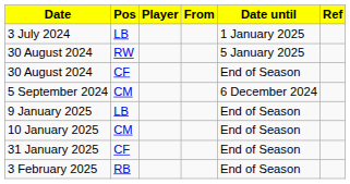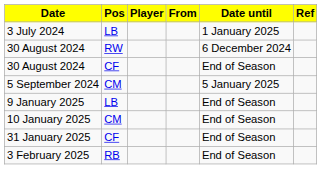 <table class="wikitable plainrowheaders sortable">
 <tr>
 <th style="background:yellow;">Date</th>
 <th style="background:yellow;">Pos</th>
 <th style="background:yellow;">Player</th>
 <th style="background:yellow;">From</th>
 <th style="background:yellow;">Date until</th>
 <th style="background:yellow;">Ref</th>
 </tr>
 <tr>
 <td>3 July 2024</td>
 <td><a href='#'>LB</a></td>
 <td></td>
 <td></td>
 <td>1 January 2025</td>
 <td></td>
 </tr>
 <tr>
 <td>30 August 2024</td>
 <td><a href='#'>RW</a></td>
 <td></td>
 <td></td>
-<td>5 January 2025</td>
+<td>6 December 2024</td>
 <td></td>
 </tr>
 <tr>
 <td>30 August 2024</td>
 <td><a href='#'>CF</a></td>
 <td></td>
 <td></td>
 <td>End of Season</td>
 <td></td>
 </tr>
 <tr>
 <td>5 September 2024</td>
 <td><a href='#'>CM</a></td>
 <td></td>
 <td></td>
-<td>6 December 2024</td>
+<td>5 January 2025</td>
 <td></td>
 </tr>
 <tr>
 <td>9 January 2025</td>
 <td><a href='#'>LB</a></td>
 <td></td>
 <td></td>
 <td>End of Season</td>
 <td></td>
 </tr>
 <tr>
 <td>10 January 2025</td>
 <td><a href='#'>CM</a></td>
 <td></td>
 <td></td>
 <td>End of Season</td>
 <td></td>
 </tr>
 <tr>
 <td>31 January 2025</td>
 <td><a href='#'>CF</a></td>
 <td></td>
 <td></td>
 <td>End of Season</td>
 <td></td>
 </tr>
 <tr>
 <td>3 February 2025</td>
 <td><a href='#'>RB</a></td>
 <td></td>
 <td></td>
 <td>End of Season</td>
 <td></td>
 </tr>
 </table>
